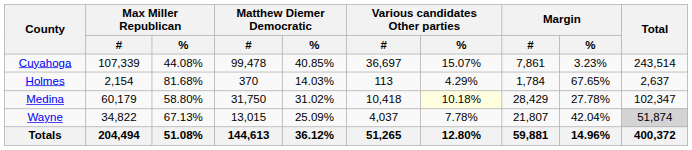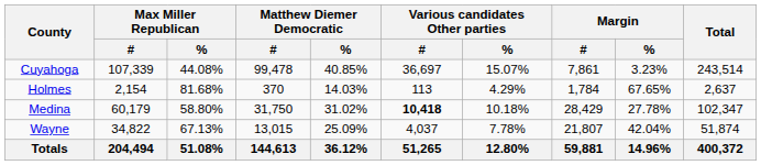 <table width="60%" class="wikitable sortable">
 <tr>
 <th rowspan="2">County</th>
 <th colspan="2">Max Miller<br>Republican</th>
 <th colspan="2">Matthew Diemer<br>Democratic</th>
 <th colspan="2">Various candidates<br>Other parties</th>
 <th colspan="2">Margin</th>
 <th rowspan="2">Total</th>
 </tr>
 <tr>
 <th style="text-align:center;" data-sort-type="number">#</th>
 <th style="text-align:center;" data-sort-type="number">%</th>
 <th style="text-align:center;" data-sort-type="number">#</th>
 <th style="text-align:center;" data-sort-type="number">%</th>
 <th style="text-align:center;" data-sort-type="number">#</th>
 <th style="text-align:center;" data-sort-type="number">%</th>
 <th style="text-align:center;" data-sort-type="number">#</th>
 <th style="text-align:center;" data-sort-type="number">%</th>
 </tr>
 <tr style="text-align:center;">
 <td><a href='#'>Cuyahoga</a></td>
 <td>107,339</td>
 <td>44.08%</td>
 <td>99,478</td>
 <td>40.85%</td>
 <td>36,697</td>
 <td>15.07%</td>
 <td>7,861</td>
 <td>3.23%</td>
 <td>243,514</td>
 </tr>
 <tr style="text-align:center;">
 <td><a href='#'>Holmes</a></td>
 <td>2,154</td>
 <td>81.68%</td>
 <td>370</td>
 <td>14.03%</td>
 <td>113</td>
 <td>4.29%</td>
 <td>1,784</td>
 <td>67.65%</td>
 <td>2,637</td>
 </tr>
 <tr style="text-align:center;">
 <td><a href='#'>Medina</a></td>
 <td>60,179</td>
 <td>58.80%</td>
 <td>31,750</td>
 <td>31.02%</td>
-<td>10,418</td>
-<td style="background: lightyellow;">10.18%</td>
+<td><strong>10,418</strong></td>
+<td>10.18%</td>
 <td>28,429</td>
 <td>27.78%</td>
 <td>102,347</td>
 </tr>
 <tr style="text-align:center;">
 <td><a href='#'>Wayne</a></td>
 <td>34,822</td>
 <td>67.13%</td>
 <td>13,015</td>
 <td>25.09%</td>
 <td>4,037</td>
 <td>7.78%</td>
 <td>21,807</td>
 <td>42.04%</td>
-<td style="background: lightgrey;">51,874</td>
+<td>51,874</td>
 </tr>
 <tr style="text-align:center;">
 <th>Totals</th>
 <th>204,494</th>
 <th>51.08%</th>
 <th>144,613</th>
 <th>36.12%</th>
 <th>51,265</th>
 <th>12.80%</th>
 <th>59,881</th>
 <th>14.96%</th>
 <th>400,372</th>
 </tr>
 </table>
